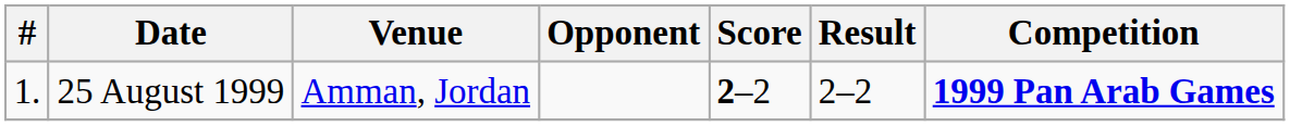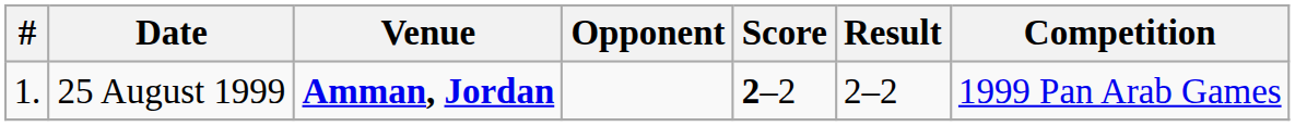 <table class="wikitable">
 <tr>
 <th>#</th>
 <th>Date</th>
 <th>Venue</th>
 <th>Opponent</th>
 <th>Score</th>
 <th>Result</th>
 <th>Competition</th>
 </tr>
 <tr>
 <td>1.</td>
 <td>25 August 1999</td>
-<td><a href='#'>Amman</a>, <a href='#'>Jordan</a></td>
+<td><strong><a href='#'>Amman</a>, <a href='#'>Jordan</a></strong></td>
 <td></td>
 <td><strong>2</strong>–2</td>
 <td>2–2</td>
-<td><strong><a href='#'>1999 Pan Arab Games</a></strong></td>
+<td><a href='#'>1999 Pan Arab Games</a></td>
 </tr>
 <tr>
 </tr>
 </table>
